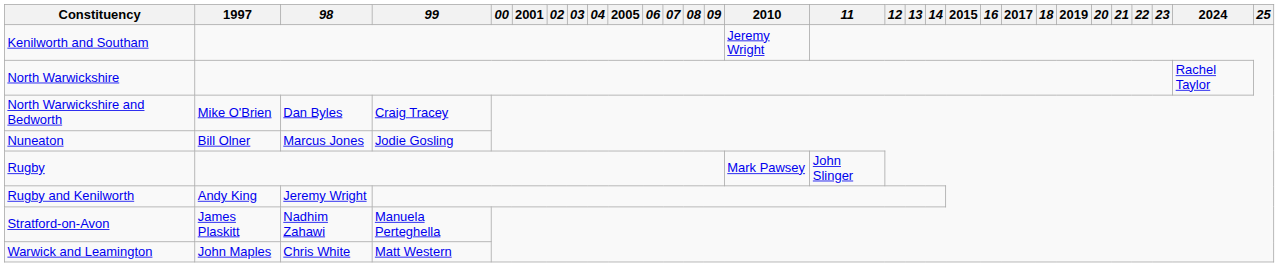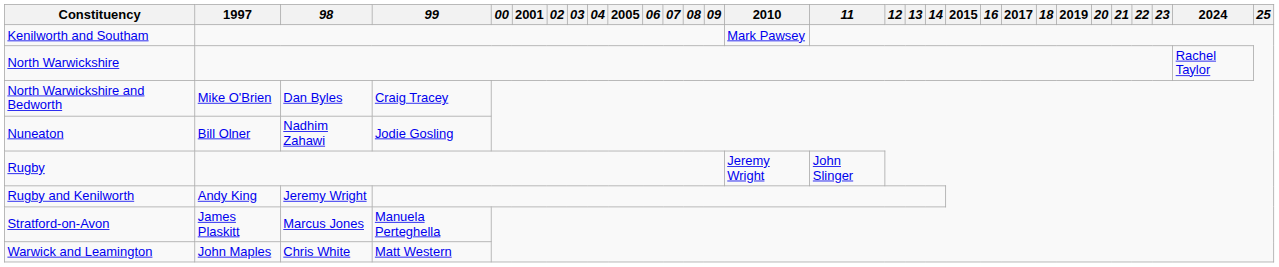 <table class="wikitable">
 <tr>
 <th>Constituency</th>
 <th>1997</th>
 <th><em>98</em></th>
 <th><em>99</em></th>
 <th><em>00</em></th>
 <th>2001</th>
 <th><em>02</em></th>
 <th><em>03</em></th>
 <th><em>04</em></th>
 <th>2005</th>
 <th><em>06</em></th>
 <th><em>07</em></th>
 <th><em>08</em></th>
 <th><em>09</em></th>
 <th>2010</th>
 <th><em>11</em></th>
 <th><em>12</em></th>
 <th><em>13</em></th>
 <th><em>14</em></th>
 <th>2015</th>
 <th><em>16</em></th>
 <th>2017</th>
 <th><em>18</em></th>
 <th>2019</th>
 <th><em>20</em></th>
 <th><em>21</em></th>
 <th><em>22</em></th>
 <th><em>23</em></th>
 <th>2024</th>
 <th><em>25</em></th>
 </tr>
 <tr>
 <td><a href='#'>Kenilworth and Southam</a></td>
 <td colspan="13"></td>
-<td><a href='#'>Jeremy Wright</a></td>
+<td><a href='#'>Mark Pawsey</a></td>
 </tr>
 <tr>
 <td><a href='#'>North Warwickshire</a></td>
 <td colspan="27"></td>
 <td><a href='#'>Rachel Taylor</a></td>
 </tr>
 <tr>
 <td><a href='#'>North Warwickshire and Bedworth</a></td>
 <td><a href='#'>Mike O'Brien</a></td>
 <td><a href='#'>Dan Byles</a></td>
 <td><a href='#'>Craig Tracey</a></td>
 </tr>
 <tr>
 <td><a href='#'>Nuneaton</a></td>
 <td><a href='#'>Bill Olner</a></td>
-<td><a href='#'>Marcus Jones</a></td>
+<td><a href='#'>Nadhim Zahawi</a></td>
 <td><a href='#'>Jodie Gosling</a></td>
 </tr>
 <tr>
 <td><a href='#'>Rugby</a></td>
 <td colspan="13"></td>
-<td><a href='#'>Mark Pawsey</a></td>
+<td><a href='#'>Jeremy Wright</a></td>
 <td><a href='#'>John Slinger</a></td>
 </tr>
 <tr>
 <td><a href='#'>Rugby and Kenilworth</a></td>
 <td><a href='#'>Andy King</a></td>
 <td><a href='#'>Jeremy Wright</a></td>
 <td colspan="16"></td>
 </tr>
 <tr>
 <td><a href='#'>Stratford-on-Avon</a></td>
 <td><a href='#'>James Plaskitt</a></td>
-<td><a href='#'>Nadhim Zahawi</a></td>
+<td><a href='#'>Marcus Jones</a></td>
 <td><a href='#'>Manuela Perteghella</a></td>
 </tr>
 <tr>
 <td><a href='#'>Warwick and Leamington</a></td>
 <td><a href='#'>John Maples</a></td>
 <td><a href='#'>Chris White</a></td>
 <td><a href='#'>Matt Western</a></td>
 </tr>
 </table>
